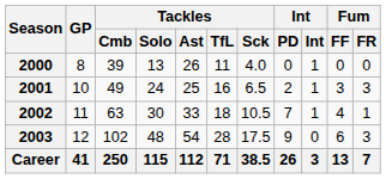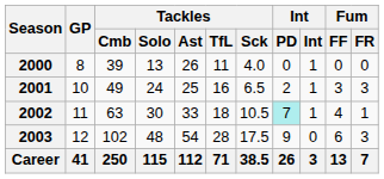 <table class="wikitable" style="text-align:center;">
 <tr>
 <th rowspan="2">Season</th>
 <th rowspan="2">GP</th>
 <th colspan="5">Tackles</th>
 <th colspan="2">Int</th>
 <th colspan="2">Fum</th>
 </tr>
 <tr>
 <th>Cmb</th>
 <th>Solo</th>
 <th>Ast</th>
 <th>TfL</th>
 <th>Sck</th>
 <th>PD</th>
 <th>Int</th>
 <th>FF</th>
 <th>FR</th>
 </tr>
 <tr>
 <th>2000</th>
 <td>8</td>
 <td>39</td>
 <td>13</td>
 <td>26</td>
 <td>11</td>
 <td>4.0</td>
 <td>0</td>
 <td>1</td>
 <td>0</td>
 <td>0</td>
 </tr>
 <tr>
 <th>2001</th>
 <td>10</td>
 <td>49</td>
 <td>24</td>
 <td>25</td>
 <td>16</td>
 <td>6.5</td>
 <td>2</td>
 <td>1</td>
 <td>3</td>
 <td>3</td>
 </tr>
 <tr>
 <th>2002</th>
 <td>11</td>
 <td>63</td>
 <td>30</td>
 <td>33</td>
 <td>18</td>
 <td>10.5</td>
-<td>7</td>
+<td style="background: paleturquoise;">7</td>
 <td>1</td>
 <td>4</td>
 <td>1</td>
 </tr>
 <tr>
 <th>2003</th>
 <td>12</td>
 <td>102</td>
 <td>48</td>
 <td>54</td>
 <td>28</td>
 <td>17.5</td>
 <td>9</td>
 <td>0</td>
 <td>6</td>
 <td>3</td>
 </tr>
 <tr>
 <th>Career</th>
 <th>41</th>
 <th>250</th>
 <th>115</th>
 <th>112</th>
 <th>71</th>
 <th>38.5</th>
 <th>26</th>
 <th>3</th>
 <th>13</th>
 <th>7</th>
 </tr>
 </table>
